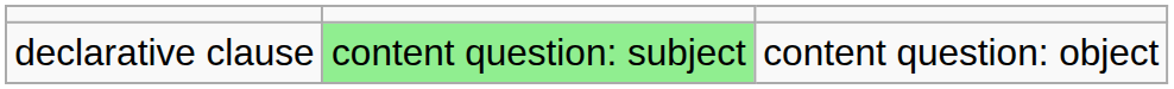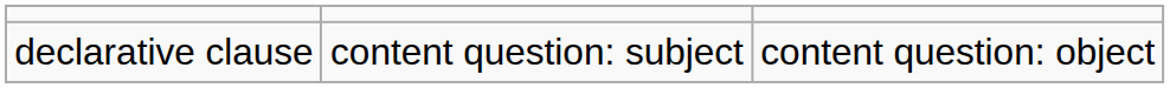 <table class="wikitable">
 <tr>
 <td></td>
 <td></td>
 <td></td>
 </tr>
 <tr>
 <td>declarative clause</td>
-<td style="background: lightgreen;">content question: subject</td>
+<td>content question: subject</td>
 <td>content question: object</td>
 </tr>
 </table>
